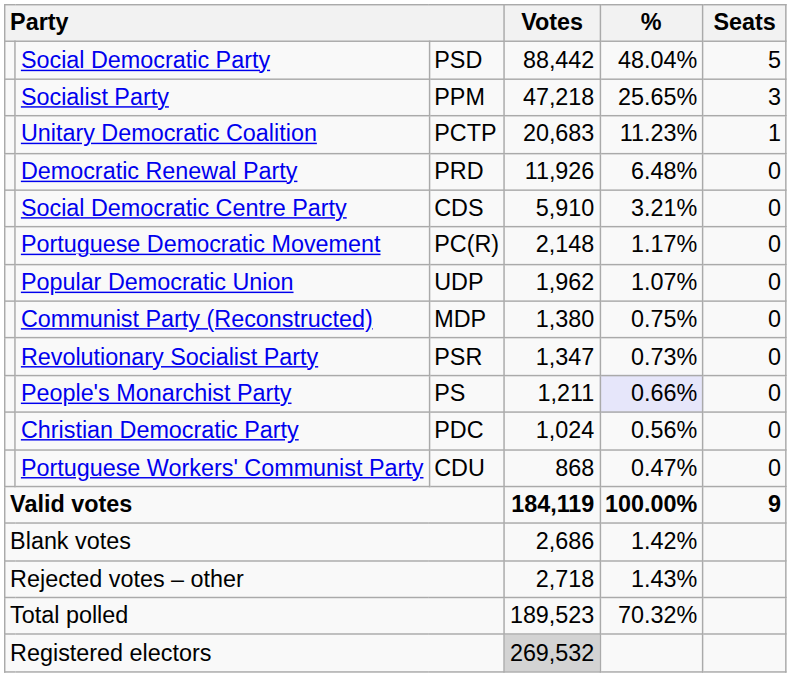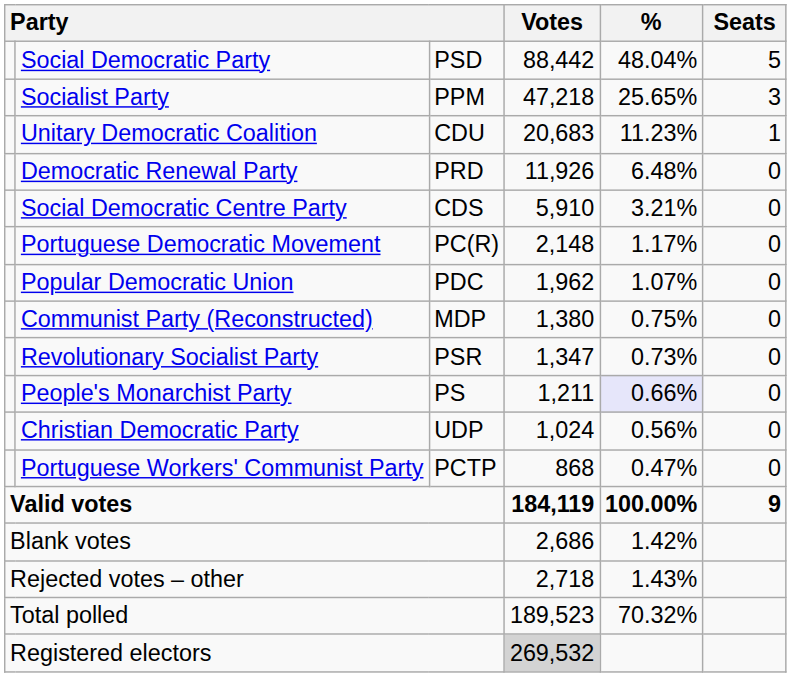 <table class="wikitable" border="1" style="text-align:right;">
 <tr>
 <th style="text-align:left;" colspan=3>Party</th>
 <th align=center width="50">Votes</th>
 <th align=center width="50">%</th>
 <th align=center width="50">Seats</th>
 </tr>
 <tr>
 <td></td>
 <td align=left><a href='#'>Social Democratic Party</a></td>
 <td align=left>PSD</td>
 <td>88,442</td>
 <td>48.04%</td>
 <td>5</td>
 </tr>
 <tr>
 <td></td>
 <td align=left><a href='#'>Socialist Party</a></td>
 <td align=left>PPM</td>
 <td>47,218</td>
 <td>25.65%</td>
 <td>3</td>
 </tr>
 <tr>
 <td></td>
 <td align=left style="white-space: nowrap;"><a href='#'>Unitary Democratic Coalition</a></td>
-<td align=left>PCTP</td>
+<td align=left>CDU</td>
 <td>20,683</td>
 <td>11.23%</td>
 <td>1</td>
 </tr>
 <tr>
 <td></td>
 <td align=left><a href='#'>Democratic Renewal Party</a></td>
 <td align=left>PRD</td>
 <td>11,926</td>
 <td>6.48%</td>
 <td>0</td>
 </tr>
 <tr>
 <td></td>
 <td align=left style="white-space: nowrap;"><a href='#'>Social Democratic Centre Party</a></td>
 <td align=left>CDS</td>
 <td>5,910</td>
 <td>3.21%</td>
 <td>0</td>
 </tr>
 <tr>
 <td></td>
 <td align=left><a href='#'>Portuguese Democratic Movement</a></td>
 <td align=left>PC(R)</td>
 <td>2,148</td>
 <td>1.17%</td>
 <td>0</td>
 </tr>
 <tr>
 <td></td>
 <td align=left><a href='#'>Popular Democratic Union</a></td>
-<td align=left>UDP</td>
+<td align=left>PDC</td>
 <td>1,962</td>
 <td>1.07%</td>
 <td>0</td>
 </tr>
 <tr>
 <td></td>
 <td align=left><a href='#'>Communist Party (Reconstructed)</a></td>
 <td align=left>MDP</td>
 <td>1,380</td>
 <td>0.75%</td>
 <td>0</td>
 </tr>
 <tr>
 <td></td>
 <td align=left><a href='#'>Revolutionary Socialist Party</a></td>
 <td align=left>PSR</td>
 <td>1,347</td>
 <td>0.73%</td>
 <td>0</td>
 </tr>
 <tr>
 <td></td>
 <td align=left><a href='#'>People's Monarchist Party</a></td>
 <td align=left>PS</td>
 <td>1,211</td>
 <td style="background: lavender;">0.66%</td>
 <td>0</td>
 </tr>
 <tr>
 <td></td>
 <td align=left style="white-space: nowrap;"><a href='#'>Christian Democratic Party</a></td>
-<td align=left>PDC</td>
+<td align=left>UDP</td>
 <td>1,024</td>
 <td>0.56%</td>
 <td>0</td>
 </tr>
 <tr>
 <td></td>
 <td align=left><a href='#'>Portuguese Workers' Communist Party</a></td>
-<td align=left>CDU</td>
+<td align=left>PCTP</td>
 <td>868</td>
 <td>0.47%</td>
 <td>0</td>
 </tr>
 <tr style="font-weight:bold">
 <td align=left colspan=3>Valid votes</td>
 <td>184,119</td>
 <td>100.00%</td>
 <td>9</td>
 </tr>
 <tr>
 <td align=left colspan=3>Blank votes</td>
 <td>2,686</td>
 <td>1.42%</td>
 <td></td>
 </tr>
 <tr>
 <td align=left colspan=3>Rejected votes – other</td>
 <td>2,718</td>
 <td>1.43%</td>
 <td></td>
 </tr>
 <tr>
 <td align=left colspan=3>Total polled</td>
 <td>189,523</td>
 <td>70.32%</td>
 <td></td>
 </tr>
 <tr>
 <td align=left colspan=3>Registered electors</td>
 <td style="background: lightgrey;">269,532</td>
 <td></td>
 <td></td>
 </tr>
 </table>
